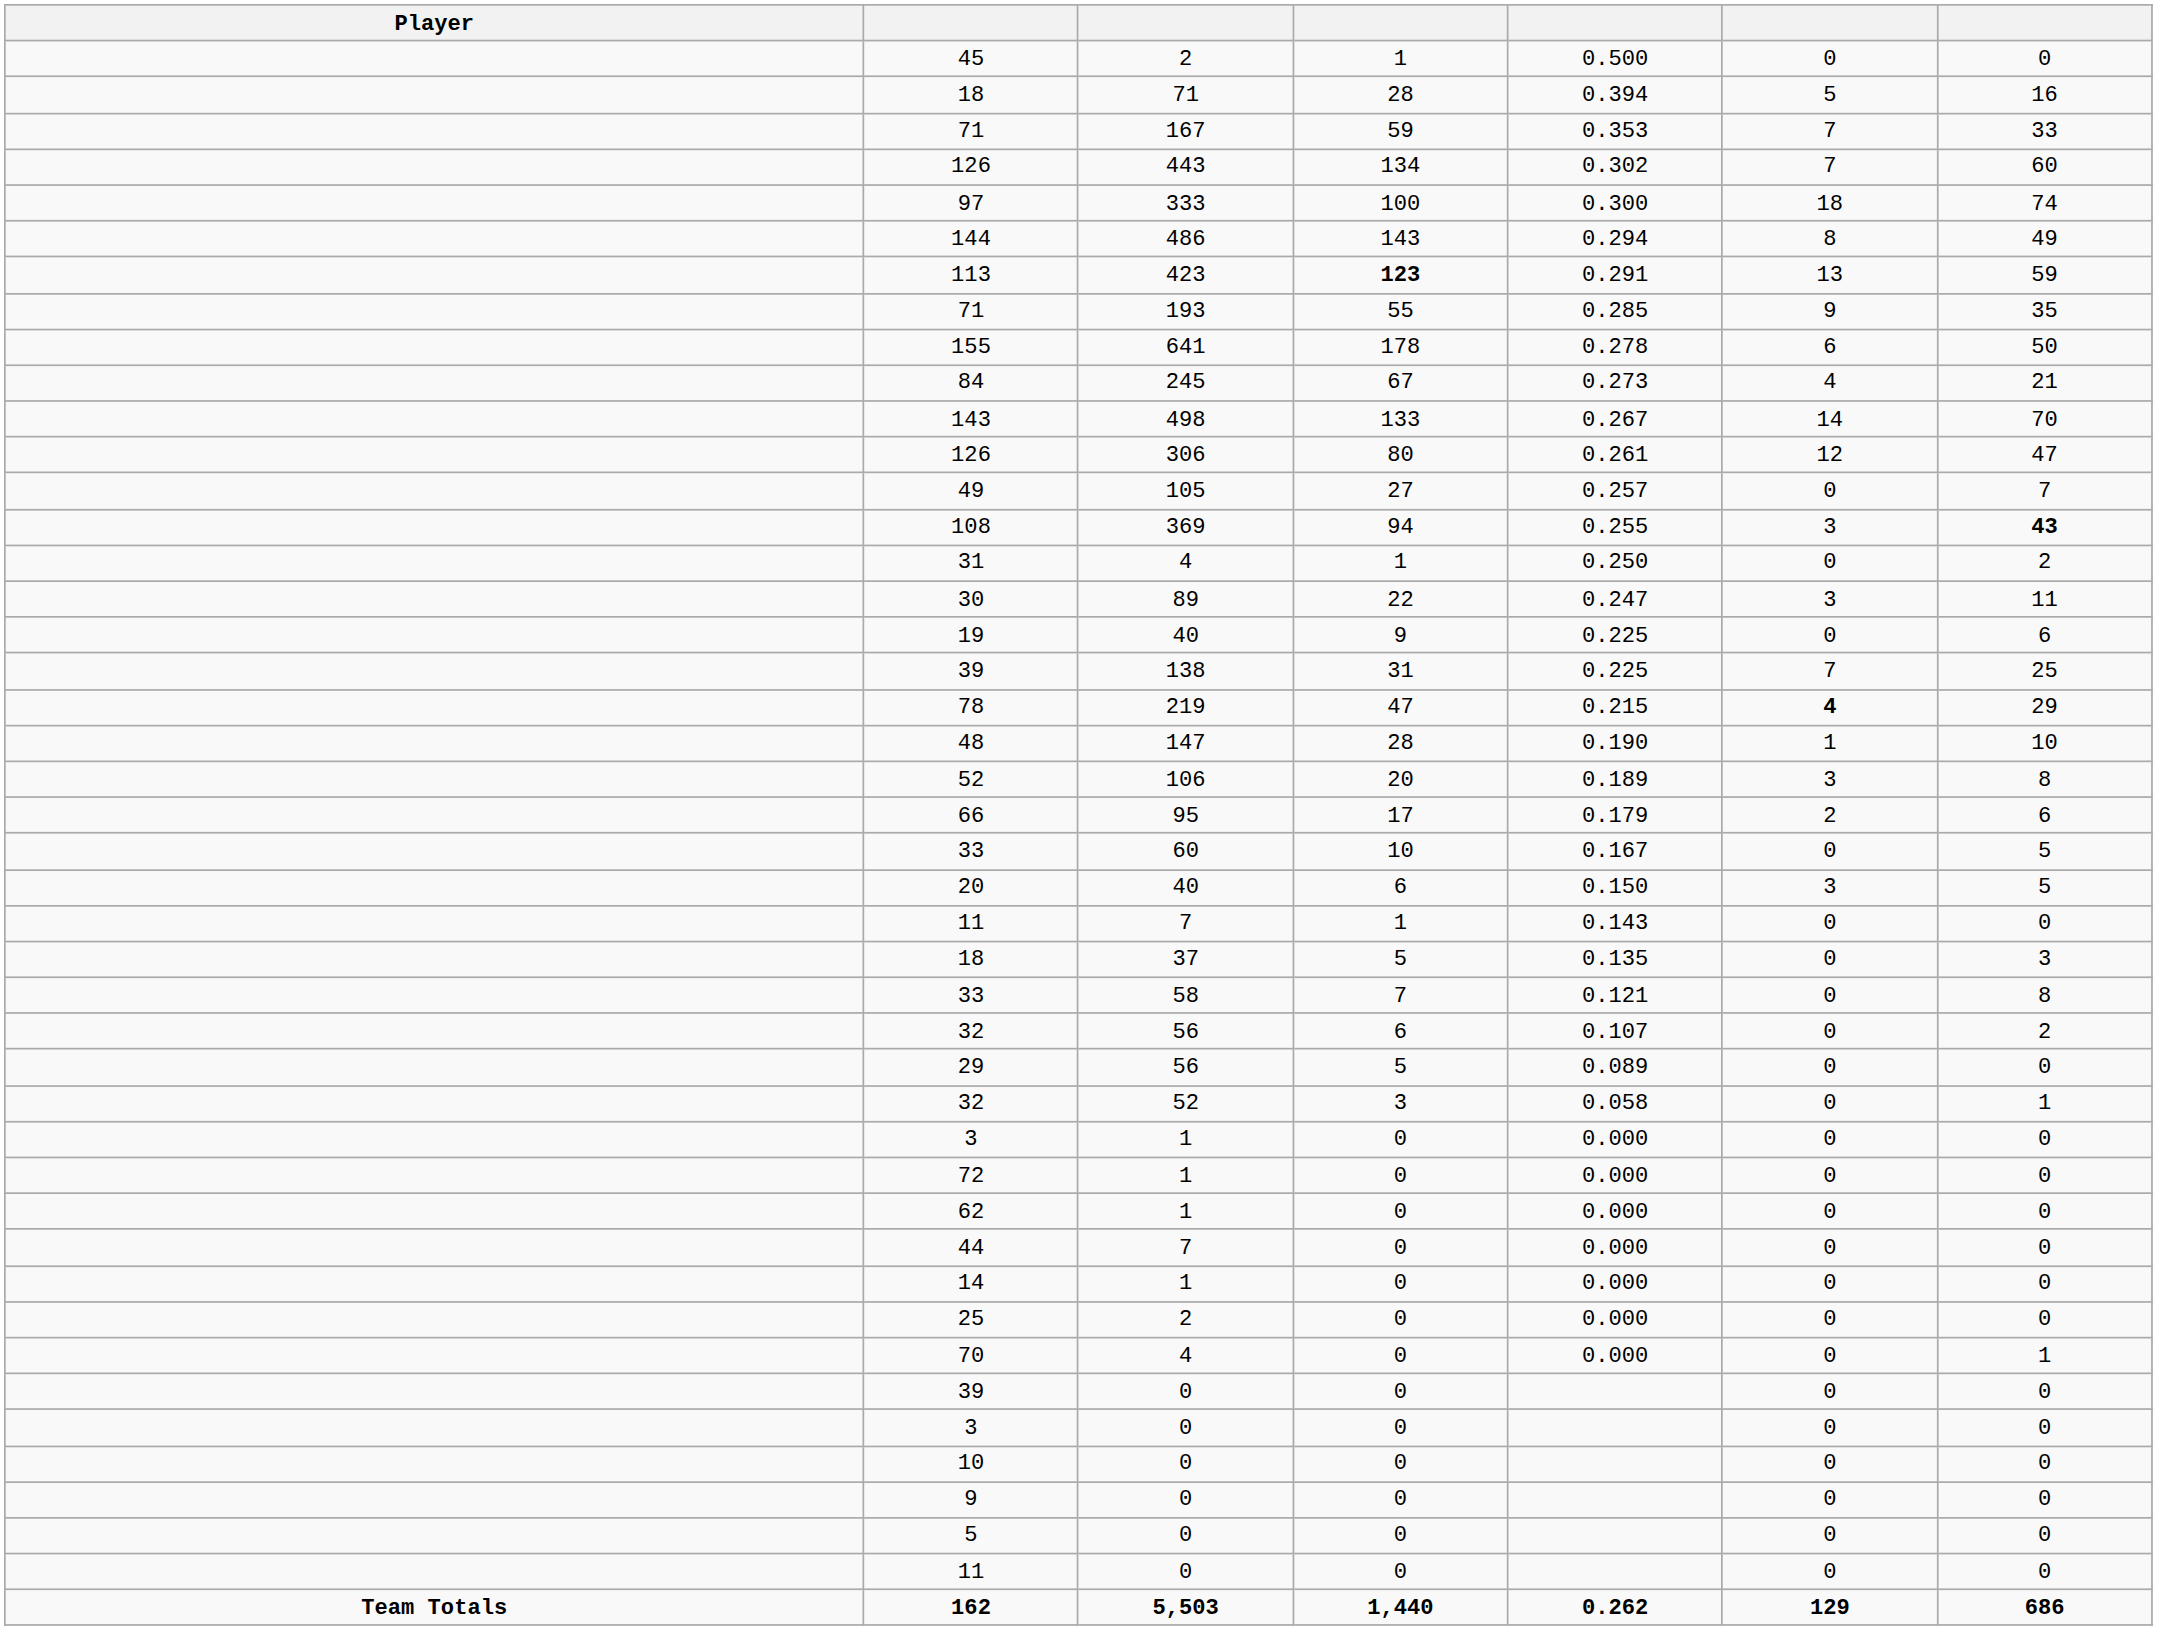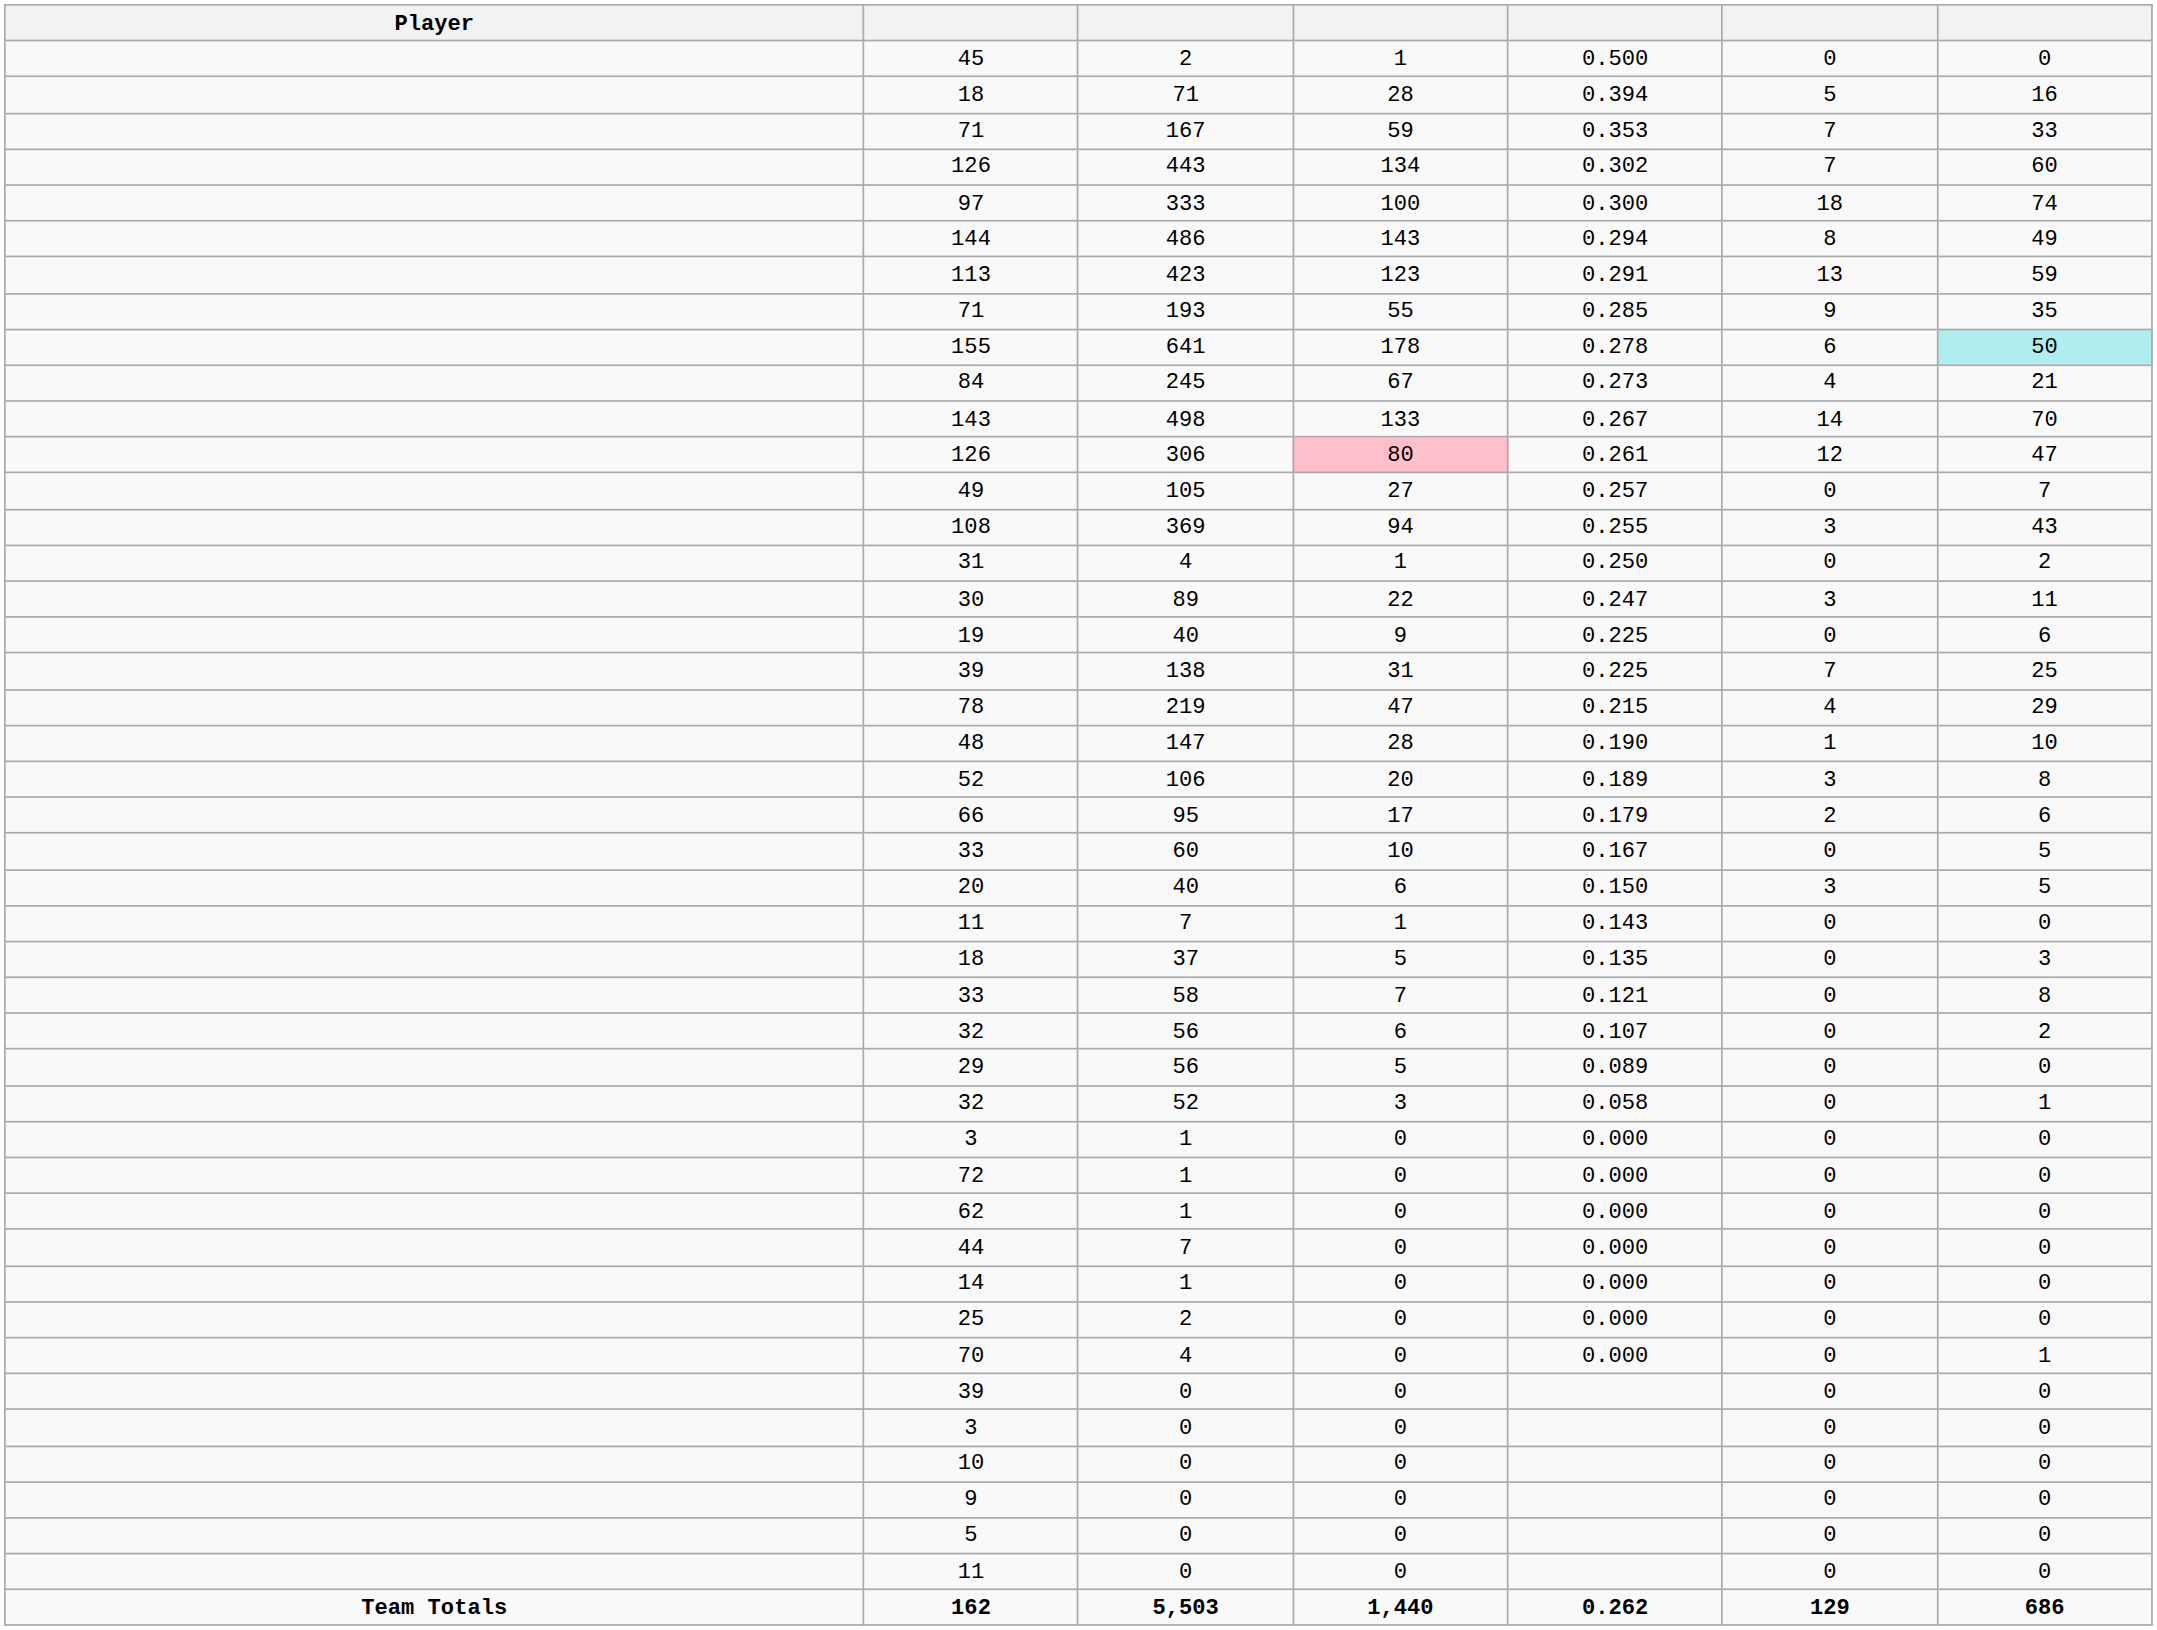 <table class="wikitable sortable" style="text-align:center;" width="100%">
 <tr>
 <th width="40%">Player</th>
 <th width="10%"></th>
 <th width="10%"></th>
 <th width="10%"></th>
 <th width="10%"></th>
 <th width="10%"></th>
 <th width="10%"></th>
 </tr>
 <tr>
 <td></td>
 <td>45</td>
 <td>2</td>
 <td>1</td>
 <td>0.500</td>
 <td>0</td>
 <td>0</td>
 </tr>
 <tr>
 <td></td>
 <td>18</td>
 <td>71</td>
 <td>28</td>
 <td>0.394</td>
 <td>5</td>
 <td>16</td>
 </tr>
 <tr>
 <td></td>
 <td>71</td>
 <td>167</td>
 <td>59</td>
 <td>0.353</td>
 <td>7</td>
 <td>33</td>
 </tr>
 <tr>
 <td></td>
 <td>126</td>
 <td>443</td>
 <td>134</td>
 <td>0.302</td>
 <td>7</td>
 <td>60</td>
 </tr>
 <tr>
 <td></td>
 <td>97</td>
 <td>333</td>
 <td>100</td>
 <td>0.300</td>
 <td>18</td>
 <td>74</td>
 </tr>
 <tr>
 <td></td>
 <td>144</td>
 <td>486</td>
 <td>143</td>
 <td>0.294</td>
 <td>8</td>
 <td>49</td>
 </tr>
 <tr>
 <td></td>
 <td>113</td>
 <td>423</td>
-<td><strong>123</strong></td>
+<td>123</td>
 <td>0.291</td>
 <td>13</td>
 <td>59</td>
 </tr>
 <tr>
 <td></td>
 <td>71</td>
 <td>193</td>
 <td>55</td>
 <td>0.285</td>
 <td>9</td>
 <td>35</td>
 </tr>
 <tr>
 <td></td>
 <td>155</td>
 <td>641</td>
 <td>178</td>
 <td>0.278</td>
 <td>6</td>
-<td>50</td>
+<td style="background: paleturquoise;">50</td>
 </tr>
 <tr>
 <td></td>
 <td>84</td>
 <td>245</td>
 <td>67</td>
 <td>0.273</td>
 <td>4</td>
 <td>21</td>
 </tr>
 <tr>
 <td></td>
 <td>143</td>
 <td>498</td>
 <td>133</td>
 <td>0.267</td>
 <td>14</td>
 <td>70</td>
 </tr>
 <tr>
 <td></td>
 <td>126</td>
 <td>306</td>
-<td>80</td>
+<td style="background: pink;">80</td>
 <td>0.261</td>
 <td>12</td>
 <td>47</td>
 </tr>
 <tr>
 <td></td>
 <td>49</td>
 <td>105</td>
 <td>27</td>
 <td>0.257</td>
 <td>0</td>
 <td>7</td>
 </tr>
 <tr>
 <td></td>
 <td>108</td>
 <td>369</td>
 <td>94</td>
 <td>0.255</td>
 <td>3</td>
-<td><strong>43</strong></td>
+<td>43</td>
 </tr>
 <tr>
 <td></td>
 <td>31</td>
 <td>4</td>
 <td>1</td>
 <td>0.250</td>
 <td>0</td>
 <td>2</td>
 </tr>
 <tr>
 <td></td>
 <td>30</td>
 <td>89</td>
 <td>22</td>
 <td>0.247</td>
 <td>3</td>
 <td>11</td>
 </tr>
 <tr>
 <td></td>
 <td>19</td>
 <td>40</td>
 <td>9</td>
 <td>0.225</td>
 <td>0</td>
 <td>6</td>
 </tr>
 <tr>
 <td></td>
 <td>39</td>
 <td>138</td>
 <td>31</td>
 <td>0.225</td>
 <td>7</td>
 <td>25</td>
 </tr>
 <tr>
 <td></td>
 <td>78</td>
 <td>219</td>
 <td>47</td>
 <td>0.215</td>
-<td><strong>4</strong></td>
+<td>4</td>
 <td>29</td>
 </tr>
 <tr>
 <td></td>
 <td>48</td>
 <td>147</td>
 <td>28</td>
 <td>0.190</td>
 <td>1</td>
 <td>10</td>
 </tr>
 <tr>
 <td></td>
 <td>52</td>
 <td>106</td>
 <td>20</td>
 <td>0.189</td>
 <td>3</td>
 <td>8</td>
 </tr>
 <tr>
 <td></td>
 <td>66</td>
 <td>95</td>
 <td>17</td>
 <td>0.179</td>
 <td>2</td>
 <td>6</td>
 </tr>
 <tr>
 <td></td>
 <td>33</td>
 <td>60</td>
 <td>10</td>
 <td>0.167</td>
 <td>0</td>
 <td>5</td>
 </tr>
 <tr>
 <td></td>
 <td>20</td>
 <td>40</td>
 <td>6</td>
 <td>0.150</td>
 <td>3</td>
 <td>5</td>
 </tr>
 <tr>
 <td></td>
 <td>11</td>
 <td>7</td>
 <td>1</td>
 <td>0.143</td>
 <td>0</td>
 <td>0</td>
 </tr>
 <tr>
 <td></td>
 <td>18</td>
 <td>37</td>
 <td>5</td>
 <td>0.135</td>
 <td>0</td>
 <td>3</td>
 </tr>
 <tr>
 <td></td>
 <td>33</td>
 <td>58</td>
 <td>7</td>
 <td>0.121</td>
 <td>0</td>
 <td>8</td>
 </tr>
 <tr>
 <td></td>
 <td>32</td>
 <td>56</td>
 <td>6</td>
 <td>0.107</td>
 <td>0</td>
 <td>2</td>
 </tr>
 <tr>
 <td></td>
 <td>29</td>
 <td>56</td>
 <td>5</td>
 <td>0.089</td>
 <td>0</td>
 <td>0</td>
 </tr>
 <tr>
 <td></td>
 <td>32</td>
 <td>52</td>
 <td>3</td>
 <td>0.058</td>
 <td>0</td>
 <td>1</td>
 </tr>
 <tr>
 <td></td>
 <td>3</td>
 <td>1</td>
 <td>0</td>
 <td>0.000</td>
 <td>0</td>
 <td>0</td>
 </tr>
 <tr>
 <td></td>
 <td>72</td>
 <td>1</td>
 <td>0</td>
 <td>0.000</td>
 <td>0</td>
 <td>0</td>
 </tr>
 <tr>
 <td></td>
 <td>62</td>
 <td>1</td>
 <td>0</td>
 <td>0.000</td>
 <td>0</td>
 <td>0</td>
 </tr>
 <tr>
 <td></td>
 <td>44</td>
 <td>7</td>
 <td>0</td>
 <td>0.000</td>
 <td>0</td>
 <td>0</td>
 </tr>
 <tr>
 <td></td>
 <td>14</td>
 <td>1</td>
 <td>0</td>
 <td>0.000</td>
 <td>0</td>
 <td>0</td>
 </tr>
 <tr>
 <td></td>
 <td>25</td>
 <td>2</td>
 <td>0</td>
 <td>0.000</td>
 <td>0</td>
 <td>0</td>
 </tr>
 <tr>
 <td></td>
 <td>70</td>
 <td>4</td>
 <td>0</td>
 <td>0.000</td>
 <td>0</td>
 <td>1</td>
 </tr>
 <tr>
 <td></td>
 <td>39</td>
 <td>0</td>
 <td>0</td>
 <td></td>
 <td>0</td>
 <td>0</td>
 </tr>
 <tr>
 <td></td>
 <td>3</td>
 <td>0</td>
 <td>0</td>
 <td></td>
 <td>0</td>
 <td>0</td>
 </tr>
 <tr>
 <td></td>
 <td>10</td>
 <td>0</td>
 <td>0</td>
 <td></td>
 <td>0</td>
 <td>0</td>
 </tr>
 <tr>
 <td></td>
 <td>9</td>
 <td>0</td>
 <td>0</td>
 <td></td>
 <td>0</td>
 <td>0</td>
 </tr>
 <tr>
 <td></td>
 <td>5</td>
 <td>0</td>
 <td>0</td>
 <td></td>
 <td>0</td>
 <td>0</td>
 </tr>
 <tr>
 <td></td>
 <td>11</td>
 <td>0</td>
 <td>0</td>
 <td></td>
 <td>0</td>
 <td>0</td>
 </tr>
 <tr>
 <td><strong>Team Totals</strong></td>
 <td><strong>162</strong></td>
 <td><strong>5,503</strong></td>
 <td><strong>1,440</strong></td>
 <td><strong>0.262</strong></td>
 <td><strong>129</strong></td>
 <td><strong>686</strong></td>
 </tr>
 </table>
